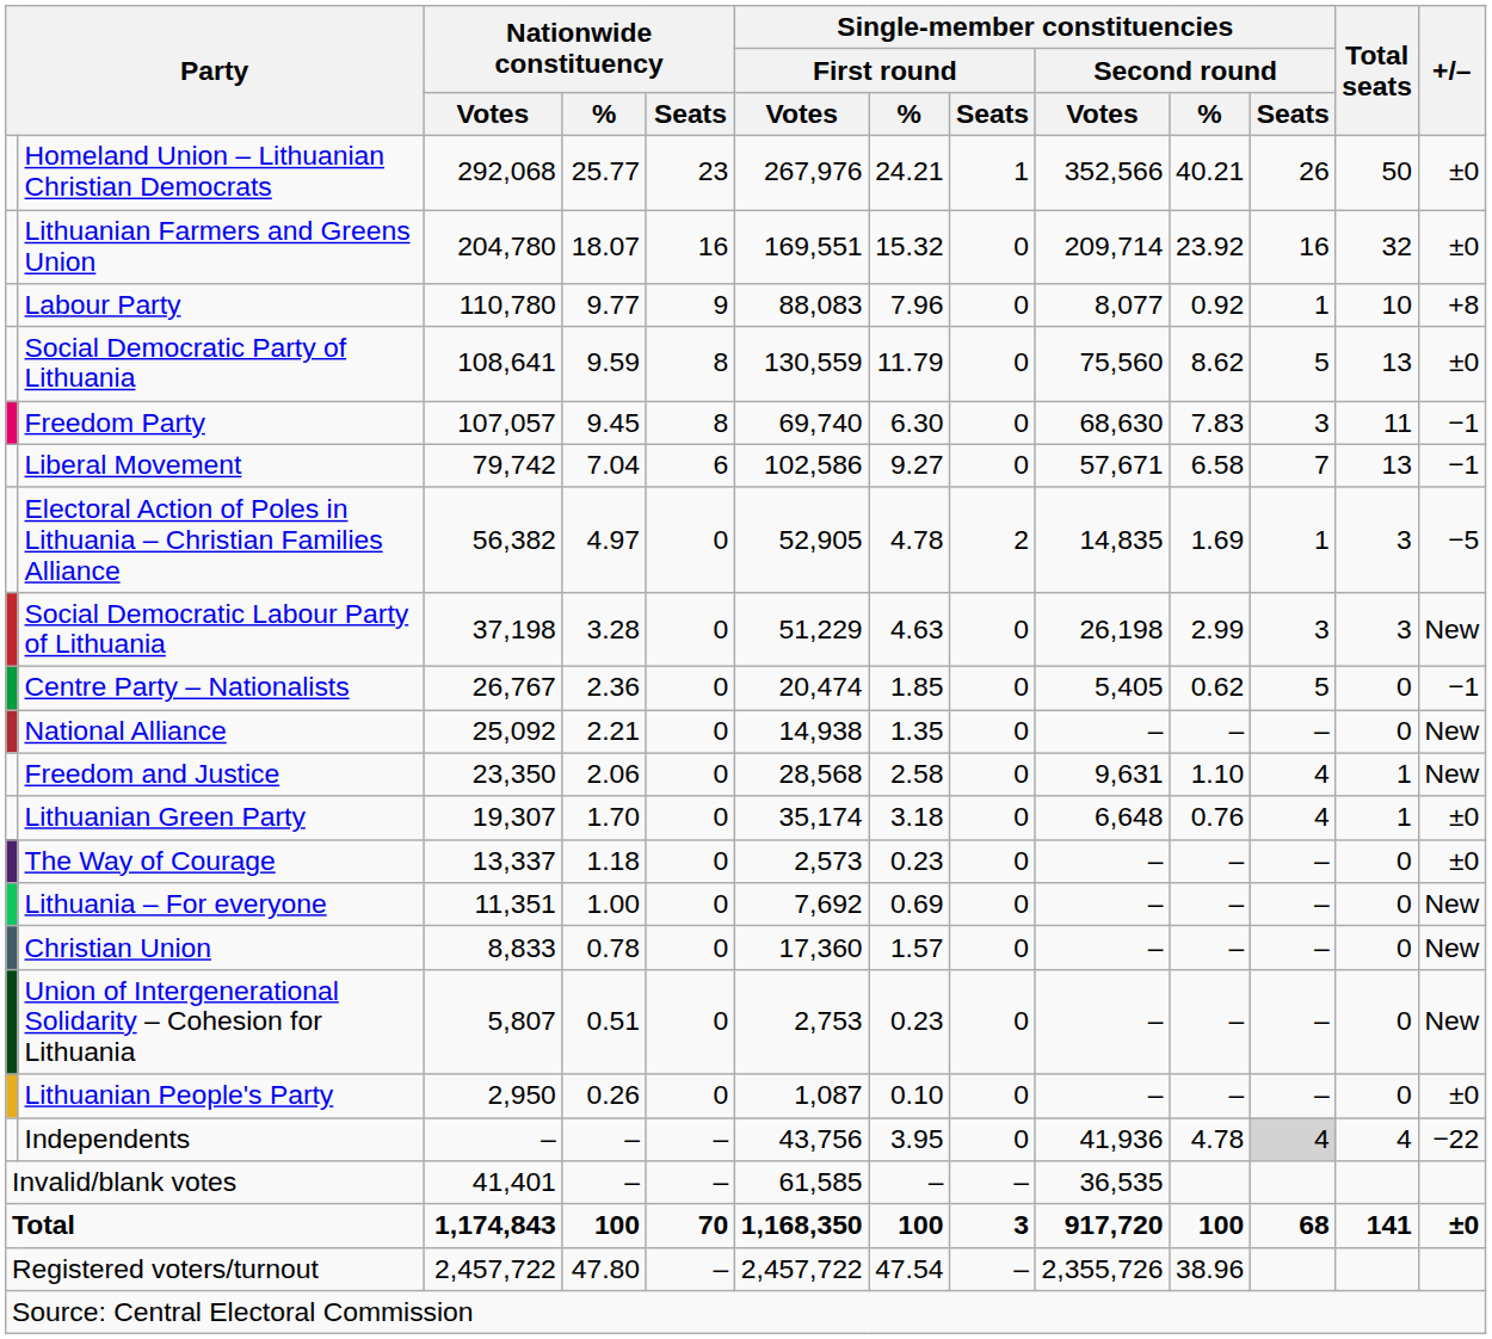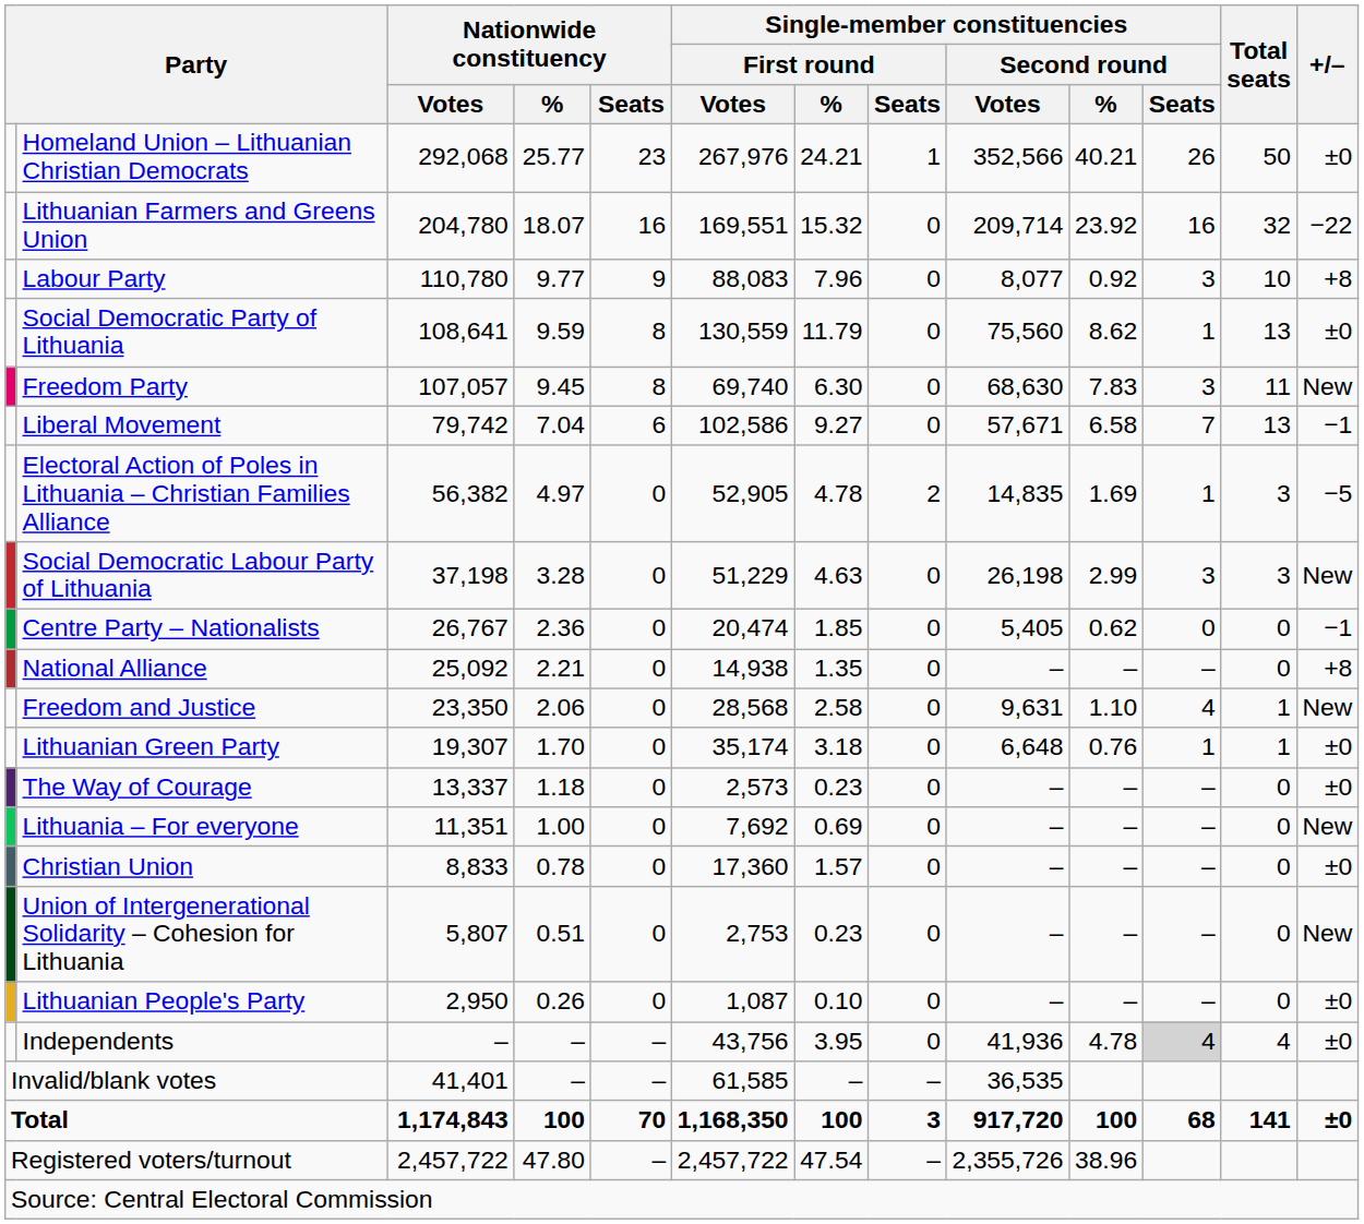 <table class="wikitable" style="text-align:right">
 <tr>
 <th colspan="2" rowspan="3">Party</th>
 <th colspan="3" rowspan="2">Nationwide constituency</th>
 <th colspan="6">Single-member constituencies</th>
 <th rowspan="3">Total<br>seats</th>
 <th rowspan="3">+/–</th>
 </tr>
 <tr>
 <th colspan="3">First round</th>
 <th colspan="3">Second round</th>
 </tr>
 <tr>
 <th>Votes</th>
 <th>%</th>
 <th>Seats</th>
 <th>Votes</th>
 <th>%</th>
 <th>Seats</th>
 <th>Votes</th>
 <th>%</th>
 <th>Seats</th>
 </tr>
 <tr>
 <td style="background-color: "></td>
 <td align="left"><a href='#'>Homeland Union – Lithuanian Christian Democrats</a></td>
 <td>292,068</td>
 <td>25.77</td>
 <td>23</td>
 <td>267,976</td>
 <td>24.21</td>
 <td>1</td>
 <td>352,566</td>
 <td>40.21</td>
 <td>26</td>
 <td>50</td>
 <td>±0</td>
 </tr>
 <tr>
 <td style="background-color: "></td>
 <td align="left"><a href='#'>Lithuanian Farmers and Greens Union</a></td>
 <td>204,780</td>
 <td>18.07</td>
 <td>16</td>
 <td>169,551</td>
 <td>15.32</td>
 <td>0</td>
 <td>209,714</td>
 <td>23.92</td>
 <td>16</td>
 <td>32</td>
-<td>±0</td>
+<td>−22</td>
 </tr>
 <tr>
 <td style="background-color: "></td>
 <td align="left"><a href='#'>Labour Party</a></td>
 <td>110,780</td>
 <td>9.77</td>
 <td>9</td>
 <td>88,083</td>
 <td>7.96</td>
 <td>0</td>
 <td>8,077</td>
 <td>0.92</td>
-<td>1</td>
+<td>3</td>
 <td>10</td>
 <td>+8</td>
 </tr>
 <tr>
 <td style="background-color: "></td>
 <td align="left"><a href='#'>Social Democratic Party of Lithuania</a></td>
 <td>108,641</td>
 <td>9.59</td>
 <td>8</td>
 <td>130,559</td>
 <td>11.79</td>
 <td>0</td>
 <td>75,560</td>
 <td>8.62</td>
-<td>5</td>
+<td>1</td>
 <td>13</td>
 <td>±0</td>
 </tr>
 <tr>
 <td style="background-color: #E3006B;"></td>
 <td align="left"><a href='#'>Freedom Party</a></td>
 <td>107,057</td>
 <td>9.45</td>
 <td>8</td>
 <td>69,740</td>
 <td>6.30</td>
 <td>0</td>
 <td>68,630</td>
 <td>7.83</td>
 <td>3</td>
 <td>11</td>
-<td>−1</td>
+<td>New</td>
 </tr>
 <tr>
 <td style="background-color: "></td>
 <td align="left"><a href='#'>Liberal Movement</a></td>
 <td>79,742</td>
 <td>7.04</td>
 <td>6</td>
 <td>102,586</td>
 <td>9.27</td>
 <td>0</td>
 <td>57,671</td>
 <td>6.58</td>
 <td>7</td>
 <td>13</td>
 <td>−1</td>
 </tr>
 <tr>
 <td style="background-color: "></td>
 <td align="left"><a href='#'>Electoral Action of Poles in Lithuania – Christian Families Alliance</a></td>
 <td>56,382</td>
 <td>4.97</td>
 <td>0</td>
 <td>52,905</td>
 <td>4.78</td>
 <td>2</td>
 <td>14,835</td>
 <td>1.69</td>
 <td>1</td>
 <td>3</td>
 <td>−5</td>
 </tr>
 <tr>
 <td style="background-color: #c1272d"></td>
 <td align="left"><a href='#'>Social Democratic Labour Party of Lithuania</a></td>
 <td>37,198</td>
 <td>3.28</td>
 <td>0</td>
 <td>51,229</td>
 <td>4.63</td>
 <td>0</td>
 <td>26,198</td>
 <td>2.99</td>
 <td>3</td>
 <td>3</td>
 <td>New</td>
 </tr>
 <tr>
 <td style="background-color: #009C3D;"></td>
 <td align="left"><a href='#'>Centre Party – Nationalists</a></td>
 <td>26,767</td>
 <td>2.36</td>
 <td>0</td>
 <td>20,474</td>
 <td>1.85</td>
 <td>0</td>
 <td>5,405</td>
 <td>0.62</td>
-<td>5</td>
+<td>0</td>
 <td>0</td>
 <td>−1</td>
 </tr>
 <tr>
 <td style="background-color: #AD2C30;"></td>
 <td align="left"><a href='#'>National Alliance</a></td>
 <td>25,092</td>
 <td>2.21</td>
 <td>0</td>
 <td>14,938</td>
 <td>1.35</td>
 <td>0</td>
 <td>–</td>
 <td>–</td>
 <td>–</td>
 <td>0</td>
-<td>New</td>
+<td>+8</td>
 </tr>
 <tr>
 <td style="background-color: "></td>
 <td align="left"><a href='#'>Freedom and Justice</a></td>
 <td>23,350</td>
 <td>2.06</td>
 <td>0</td>
 <td>28,568</td>
 <td>2.58</td>
 <td>0</td>
 <td>9,631</td>
 <td>1.10</td>
 <td>4</td>
 <td>1</td>
 <td>New</td>
 </tr>
 <tr>
 <td style="background-color: "></td>
 <td align="left"><a href='#'>Lithuanian Green Party</a></td>
 <td>19,307</td>
 <td>1.70</td>
 <td>0</td>
 <td>35,174</td>
 <td>3.18</td>
 <td>0</td>
 <td>6,648</td>
 <td>0.76</td>
-<td>4</td>
+<td>1</td>
 <td>1</td>
 <td>±0</td>
 </tr>
 <tr>
 <td style="background-color: #4D226A;"></td>
 <td align="left"><a href='#'>The Way of Courage</a></td>
 <td>13,337</td>
 <td>1.18</td>
 <td>0</td>
 <td>2,573</td>
 <td>0.23</td>
 <td>0</td>
 <td>–</td>
 <td>–</td>
 <td>–</td>
 <td>0</td>
 <td>±0</td>
 </tr>
 <tr>
 <td style="background-color: #0FC65E;"></td>
 <td align="left"><a href='#'>Lithuania – For everyone</a></td>
 <td>11,351</td>
 <td>1.00</td>
 <td>0</td>
 <td>7,692</td>
 <td>0.69</td>
 <td>0</td>
 <td>–</td>
 <td>–</td>
 <td>–</td>
 <td>0</td>
 <td>New</td>
 </tr>
 <tr>
 <td style="background-color: #445C64;"></td>
 <td align="left"><a href='#'>Christian Union</a></td>
 <td>8,833</td>
 <td>0.78</td>
 <td>0</td>
 <td>17,360</td>
 <td>1.57</td>
 <td>0</td>
 <td>–</td>
 <td>–</td>
 <td>–</td>
 <td>0</td>
-<td>New</td>
+<td>±0</td>
 </tr>
 <tr>
 <td style="background-color: #004714;"></td>
 <td align="left"><a href='#'>Union of Intergenerational Solidarity</a> – Cohesion for Lithuania</td>
 <td>5,807</td>
 <td>0.51</td>
 <td>0</td>
 <td>2,753</td>
 <td>0.23</td>
 <td>0</td>
 <td>–</td>
 <td>–</td>
 <td>–</td>
 <td>0</td>
 <td>New</td>
 </tr>
 <tr>
 <td style="background-color: #E6AD1E;"></td>
 <td align="left"><a href='#'>Lithuanian People's Party</a></td>
 <td>2,950</td>
 <td>0.26</td>
 <td>0</td>
 <td>1,087</td>
 <td>0.10</td>
 <td>0</td>
 <td>–</td>
 <td>–</td>
 <td>–</td>
 <td>0</td>
 <td>±0</td>
 </tr>
 <tr>
 <td style="background-color:"></td>
 <td align="left">Independents</td>
 <td>–</td>
 <td>–</td>
 <td>–</td>
 <td>43,756</td>
 <td>3.95</td>
 <td>0</td>
 <td>41,936</td>
 <td>4.78</td>
 <td style="background: lightgrey;">4</td>
 <td>4</td>
-<td>−22</td>
+<td>±0</td>
 </tr>
 <tr>
 <td colspan="2" align="left">Invalid/blank votes</td>
 <td>41,401</td>
 <td>–</td>
 <td>–</td>
 <td>61,585</td>
 <td>–</td>
 <td>–</td>
 <td>36,535</td>
 <td></td>
 <td></td>
 <td></td>
 <td></td>
 </tr>
 <tr>
 <td colspan="2" align="left"><strong>Total</strong></td>
 <td><strong>1,174,843</strong></td>
 <td><strong>100</strong></td>
 <td><strong>70</strong></td>
 <td><strong>1,168,350</strong></td>
 <td><strong>100</strong></td>
 <td><strong>3</strong></td>
 <td><strong>917,720</strong></td>
 <td><strong>100</strong></td>
 <td><strong>68</strong></td>
 <td><strong>141</strong></td>
 <td><strong>±0</strong></td>
 </tr>
 <tr>
 <td colspan="2" align="left">Registered voters/turnout</td>
 <td>2,457,722</td>
 <td>47.80</td>
 <td>–</td>
 <td>2,457,722</td>
 <td>47.54</td>
 <td>–</td>
 <td>2,355,726</td>
 <td>38.96</td>
 <td></td>
 <td></td>
 <td></td>
 </tr>
 <tr>
 <td colspan="13" align="left">Source: Central Electoral Commission</td>
 </tr>
 </table>
